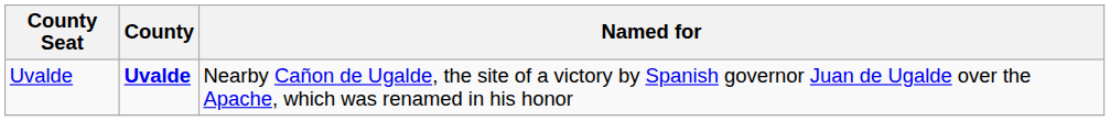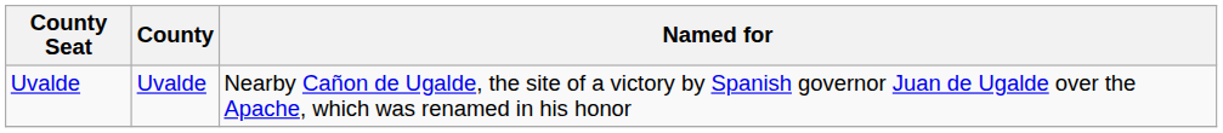 <table class="wikitable">
 <tr>
 <th>County Seat</th>
 <th>County</th>
 <th>Named for</th>
 </tr>
 <tr valign="top">
 <td><a href='#'>Uvalde</a></td>
-<td><strong><a href='#'>Uvalde</a></strong></td>
+<td><a href='#'>Uvalde</a></td>
 <td>Nearby <a href='#'>Cañon de Ugalde</a>, the site of a victory by <a href='#'>Spanish</a> governor <a href='#'>Juan de Ugalde</a> over the <a href='#'>Apache</a>, which was renamed in his honor</td>
 </tr>
 <tr>
 </tr>
 </table>
